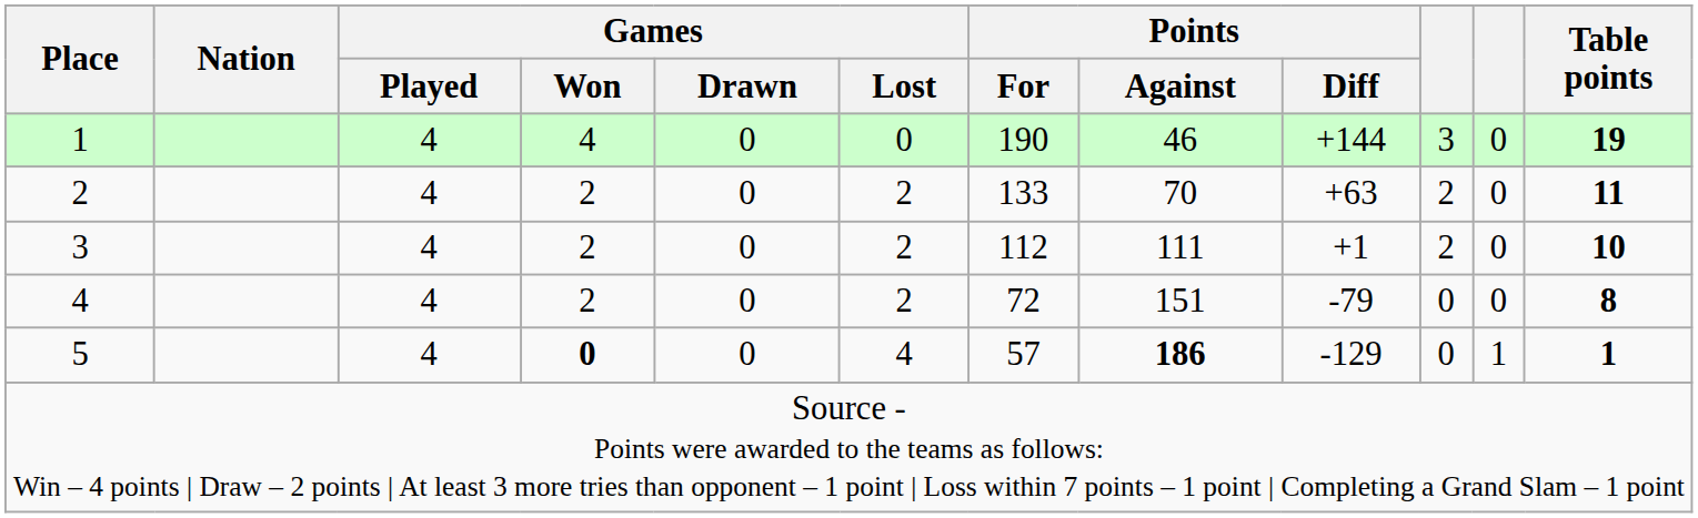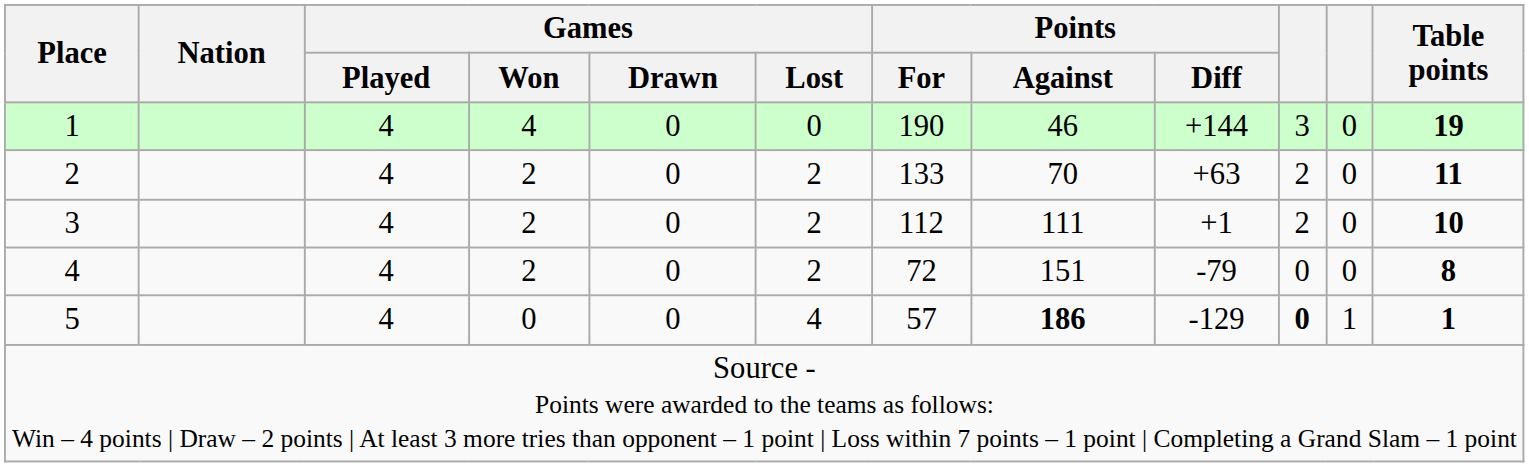 <table class="wikitable" style="text-align:center">
 <tr>
 <th rowspan="2">Place</th>
 <th rowspan="2">Nation</th>
 <th colspan="4">Games</th>
 <th colspan="3">Points</th>
 <th rowspan="2"></th>
 <th rowspan="2"></th>
 <th rowspan="2">Table<br>points</th>
 </tr>
 <tr>
 <th>Played</th>
 <th>Won</th>
 <th>Drawn</th>
 <th>Lost</th>
 <th>For</th>
 <th>Against</th>
 <th>Diff</th>
 </tr>
 <tr bgcolor="#cfc">
 <td>1</td>
 <td style="text-align:left"></td>
 <td>4</td>
 <td>4</td>
 <td>0</td>
 <td>0</td>
 <td>190</td>
 <td>46</td>
 <td>+144</td>
 <td>3</td>
 <td>0</td>
 <td><strong>19</strong></td>
 </tr>
 <tr>
 <td>2</td>
 <td style="text-align:left"></td>
 <td>4</td>
 <td>2</td>
 <td>0</td>
 <td>2</td>
 <td>133</td>
 <td>70</td>
 <td>+63</td>
 <td>2</td>
 <td>0</td>
 <td><strong>11</strong></td>
 </tr>
 <tr>
 <td>3</td>
 <td style="text-align:left"></td>
 <td>4</td>
 <td>2</td>
 <td>0</td>
 <td>2</td>
 <td>112</td>
 <td>111</td>
 <td>+1</td>
 <td>2</td>
 <td>0</td>
 <td><strong>10</strong></td>
 </tr>
 <tr>
 <td>4</td>
 <td style="text-align:left"></td>
 <td>4</td>
 <td>2</td>
 <td>0</td>
 <td>2</td>
 <td>72</td>
 <td>151</td>
 <td>-79</td>
 <td>0</td>
 <td>0</td>
 <td><strong>8</strong></td>
 </tr>
 <tr>
 <td>5</td>
 <td style="text-align:left"></td>
 <td>4</td>
-<td><strong>0</strong></td>
+<td>0</td>
 <td>0</td>
 <td>4</td>
 <td>57</td>
 <td><strong>186</strong></td>
 <td>-129</td>
-<td>0</td>
+<td><strong>0</strong></td>
 <td>1</td>
 <td><strong>1</strong></td>
 </tr>
 <tr>
 <td colspan="100%" style="text-align:center">Source - <br><small>Points were awarded to the teams as follows:<br>Win – 4 points | Draw – 2 points | At least 3 more tries than opponent – 1 point | Loss within 7 points – 1 point | Completing a Grand Slam – 1 point</small></td>
 </tr>
 </table>
